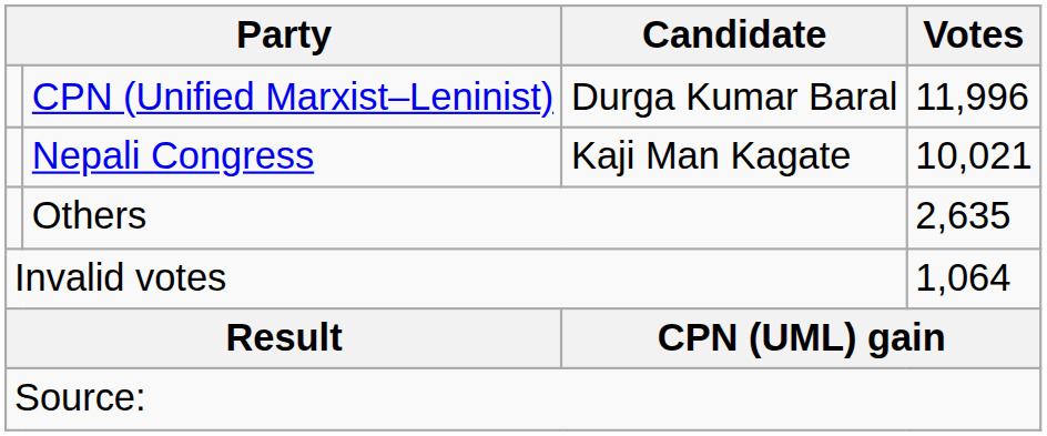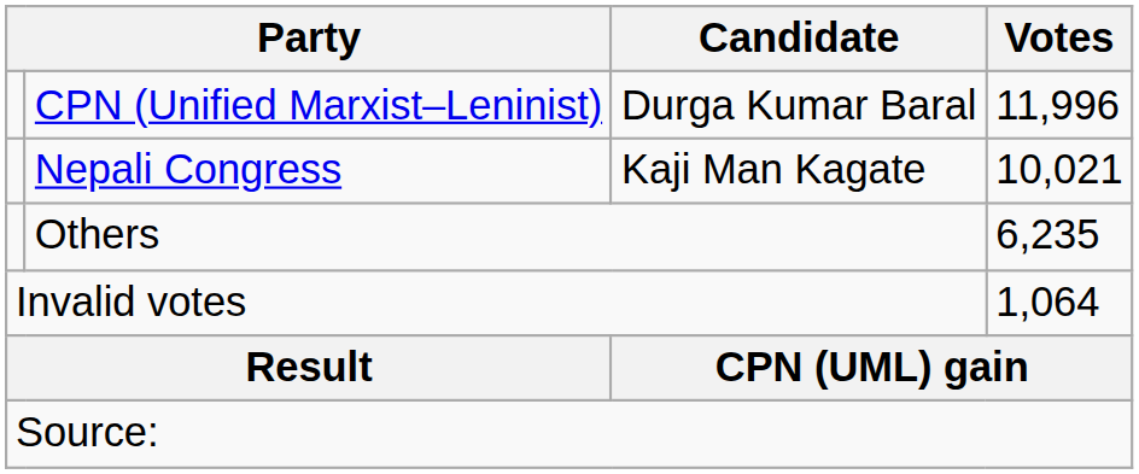 <table class="wikitable">
 <tr>
 <th colspan="2">Party</th>
 <th>Candidate</th>
 <th>Votes</th>
 </tr>
 <tr>
 <td style="background-color:"></td>
 <td><a href='#'>CPN (Unified Marxist–Leninist)</a></td>
 <td>Durga Kumar Baral</td>
 <td>11,996</td>
 </tr>
 <tr>
 <td style="background-color:"></td>
 <td><a href='#'>Nepali Congress</a></td>
 <td>Kaji Man Kagate</td>
 <td>10,021</td>
 </tr>
 <tr>
 <td></td>
 <td colspan="2">Others</td>
-<td>2,635</td>
+<td>6,235</td>
 </tr>
 <tr>
 <td colspan="3">Invalid votes</td>
 <td>1,064</td>
 </tr>
 <tr>
 <th colspan="2">Result</th>
 <th colspan="2">CPN (UML) gain</th>
 </tr>
 <tr>
 <td colspan="4">Source: </td>
 </tr>
 </table>
